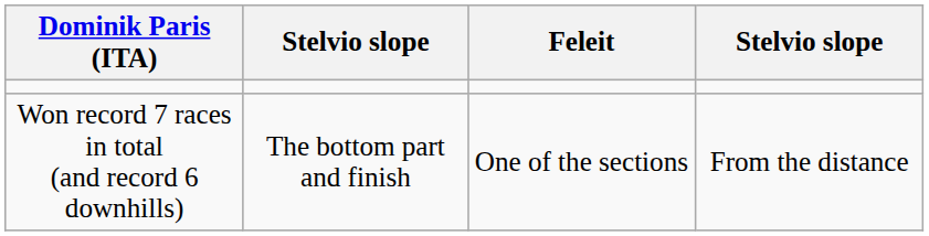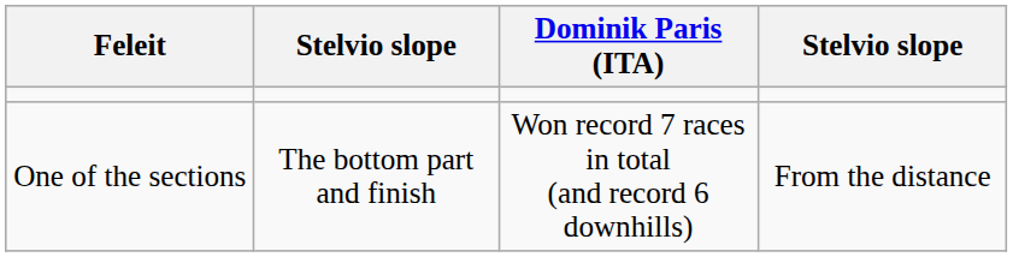 <table class="wikitable" style="text-align:center; width:85%; border:1px #AAAAFF solid">
 <tr>
+<th>Feleit</th>
+<th>Stelvio slope</th>
 <th><a href='#'>Dominik Paris</a> (ITA)</th>
-<th>Stelvio slope</th>
-<th>Feleit</th>
 <th>Stelvio slope</th>
 </tr>
 <tr>
 <td width=165></td>
 <td width=165></td>
 <td width=165></td>
 <td width=165></td>
 </tr>
 <tr>
+<td>One of the sections</td>
+<td>The bottom part and finish</td>
 <td>Won record 7 races in total<br>(and record 6 downhills)</td>
-<td>The bottom part and finish</td>
-<td>One of the sections</td>
 <td>From the distance</td>
 </tr>
 </table>
